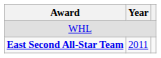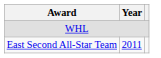 <table class="wikitable">
 <tr>
 <th>Award</th>
 <th>Year</th>
 <th></th>
 </tr>
 <tr ALIGN="center" bgcolor="#e0e0e0">
 <td colspan="3"><a href='#'>WHL</a></td>
 </tr>
 <tr>
-<td><strong><a href='#'>East Second All-Star Team</a></strong></td>
+<td><a href='#'>East Second All-Star Team</a></td>
 <td><a href='#'>2011</a></td>
 <td></td>
 </tr>
 </table>
